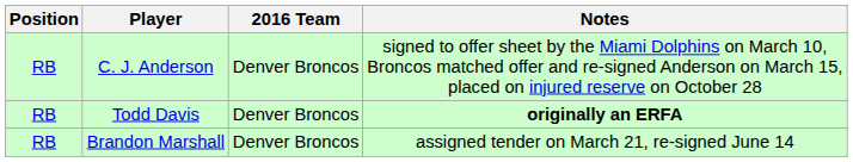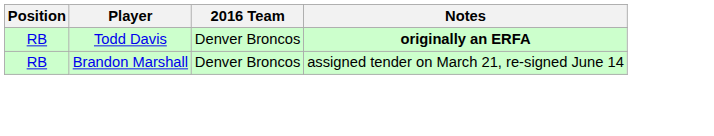 <table class="wikitable" style="text-align:center">
 <tr>
 <th>Position</th>
 <th>Player</th>
 <th>2016 Team</th>
 <th>Notes</th>
-</tr>
-<tr style="background:#cfc">
-<td><a href='#'>RB</a></td>
-<td><a href='#'>C. J. Anderson</a></td>
-<td>Denver Broncos</td>
-<td>signed to offer sheet by the <a href='#'>Miami Dolphins</a> on March 10,<br>Broncos matched offer and re-signed Anderson on March 15,<br>placed on <a href='#'>injured reserve</a> on October 28</td>
 </tr>
 <tr style="background:#cfc">
 <td><a href='#'>RB</a></td>
 <td><a href='#'>Todd Davis</a></td>
 <td>Denver Broncos</td>
 <td><strong>originally an ERFA</strong></td>
 </tr>
 <tr style="background:#cfc">
 <td><a href='#'>RB</a></td>
 <td><a href='#'>Brandon Marshall</a></td>
 <td>Denver Broncos</td>
 <td>assigned tender on March 21, re-signed June 14</td>
 </tr>
 </table>
